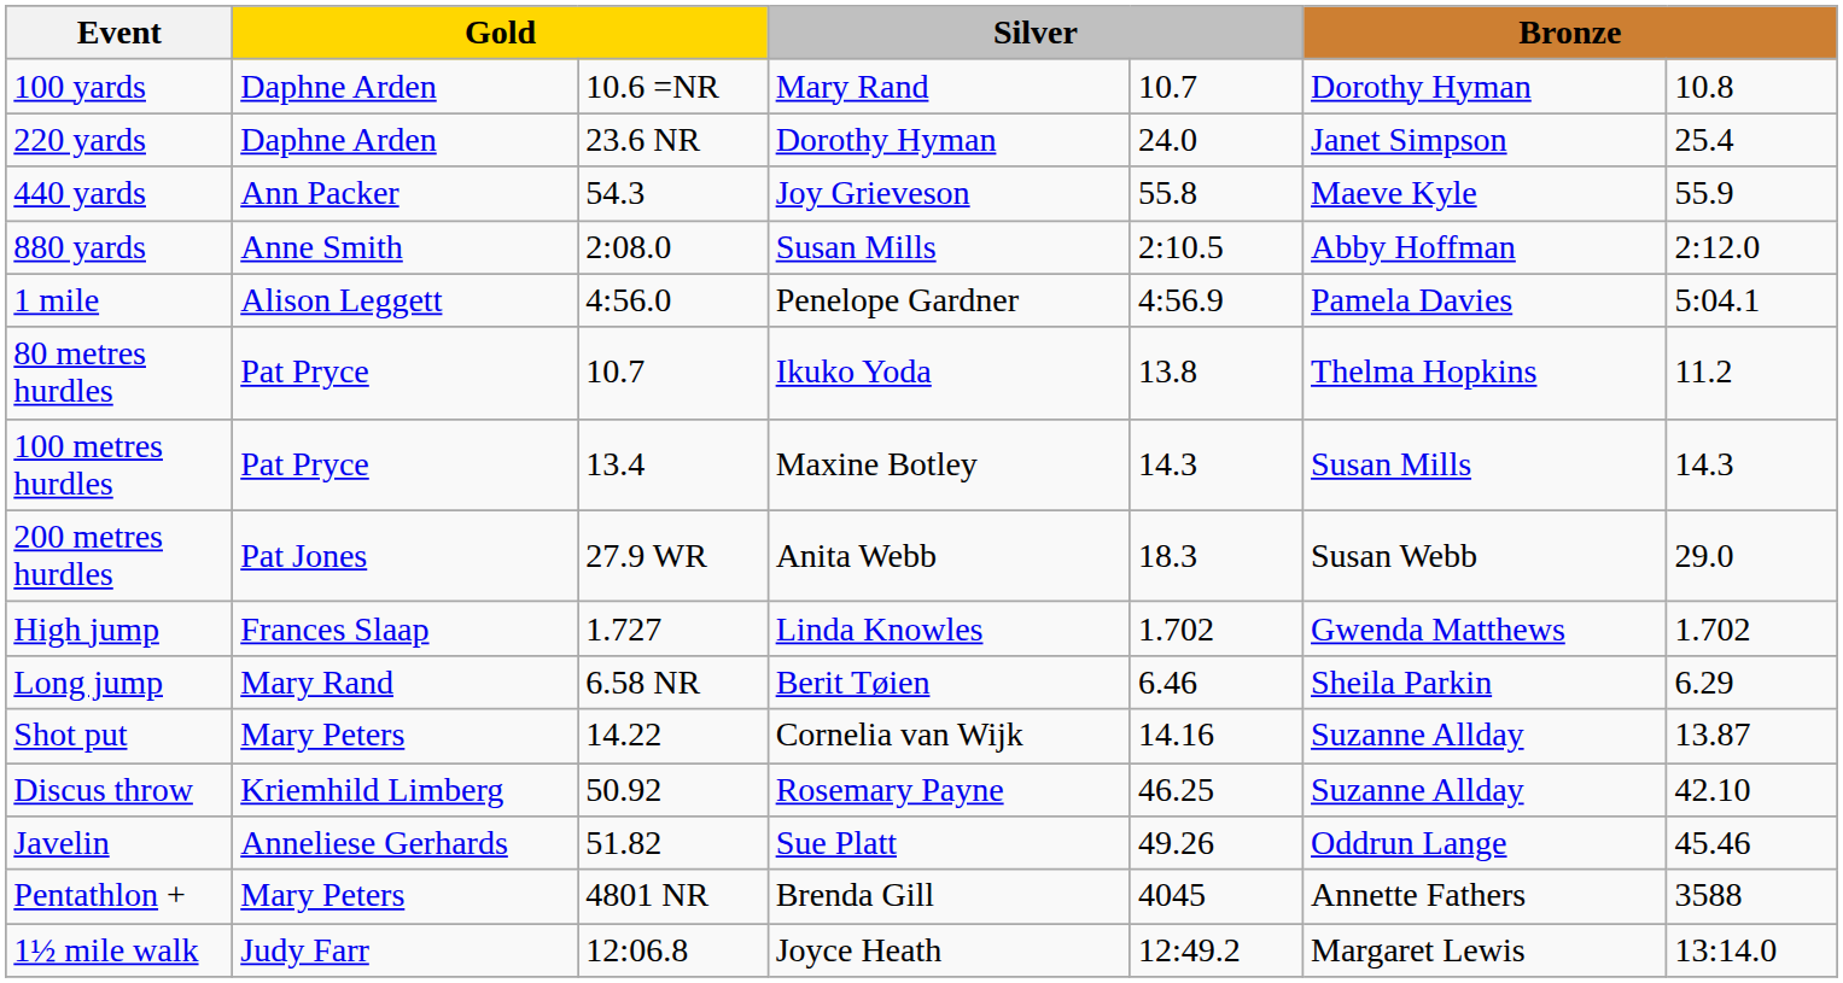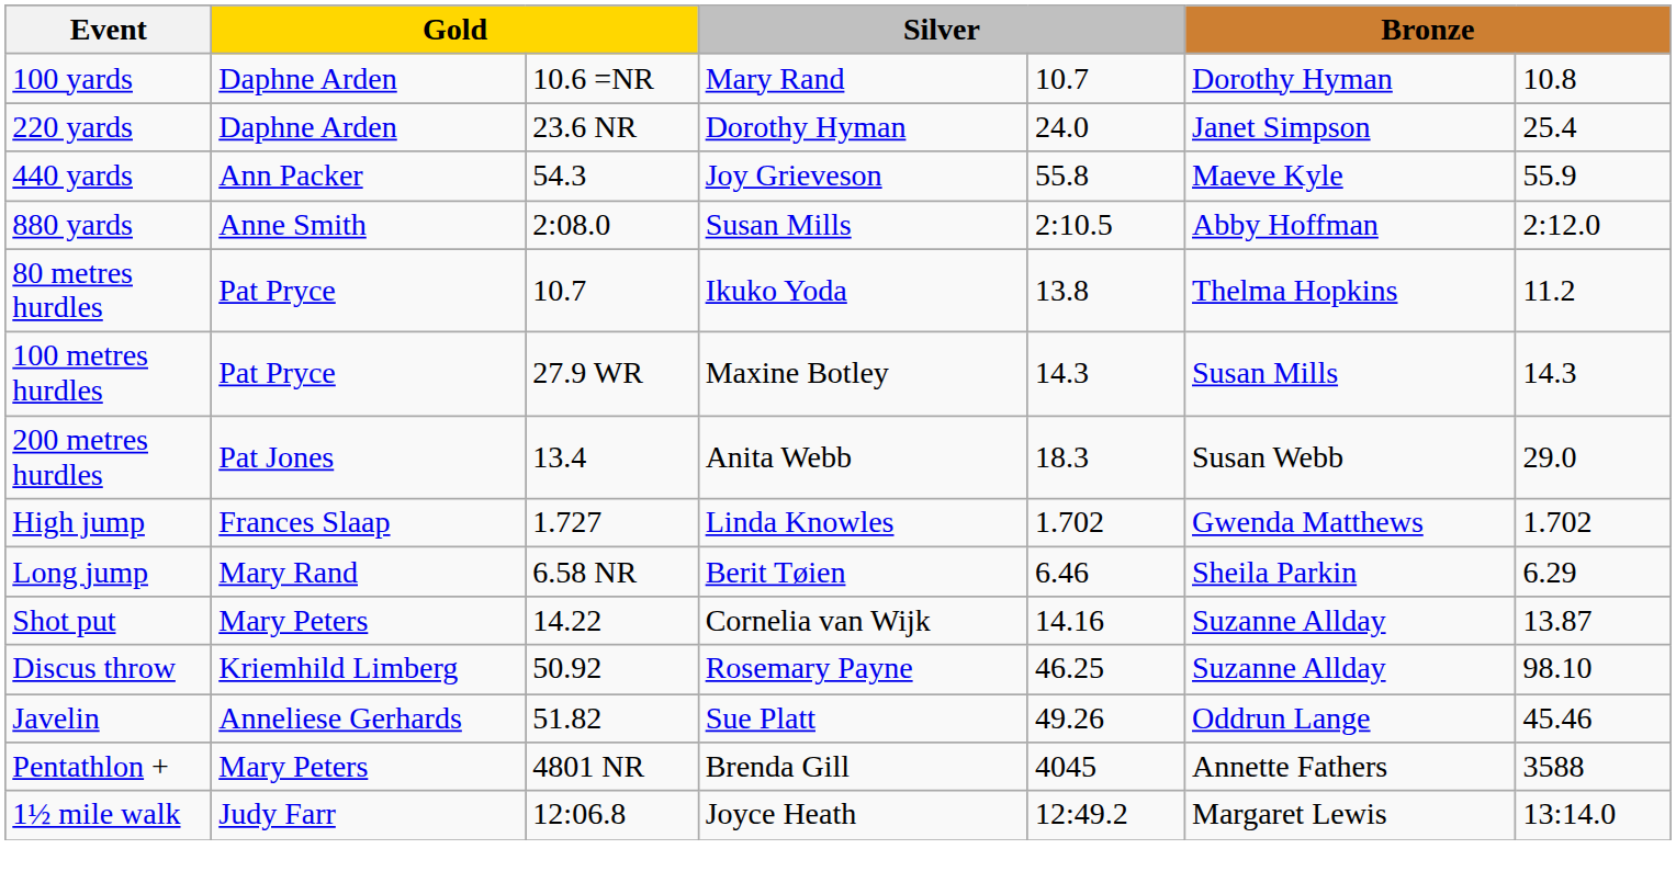 <table class="wikitable" style="text-align:left">
 <tr>
 <th width=100>Event</th>
 <th colspan="2" width="280" style="background:gold;">Gold</th>
 <th colspan="2" width="280" style="background:silver;">Silver</th>
 <th colspan="2" width="280" style="background:#CD7F32;">Bronze</th>
 </tr>
 <tr>
 <td><a href='#'>100 yards</a></td>
 <td><a href='#'>Daphne Arden</a></td>
 <td>10.6 =NR</td>
 <td><a href='#'>Mary Rand</a></td>
 <td>10.7</td>
 <td><a href='#'>Dorothy Hyman</a></td>
 <td>10.8</td>
 </tr>
 <tr>
 <td><a href='#'>220 yards</a></td>
 <td><a href='#'>Daphne Arden</a></td>
 <td>23.6 NR</td>
 <td><a href='#'>Dorothy Hyman</a></td>
 <td>24.0</td>
 <td><a href='#'>Janet Simpson</a></td>
 <td>25.4</td>
 </tr>
 <tr>
 <td><a href='#'>440 yards</a></td>
 <td><a href='#'>Ann Packer</a></td>
 <td>54.3</td>
 <td><a href='#'>Joy Grieveson</a></td>
 <td>55.8</td>
 <td> <a href='#'>Maeve Kyle</a></td>
 <td>55.9</td>
 </tr>
 <tr>
 <td><a href='#'>880 yards</a></td>
 <td><a href='#'>Anne Smith</a></td>
 <td>2:08.0</td>
 <td><a href='#'>Susan Mills</a></td>
 <td>2:10.5</td>
 <td> <a href='#'>Abby Hoffman</a></td>
 <td>2:12.0</td>
 </tr>
 <tr>
-<td><a href='#'>1 mile</a></td>
-<td><a href='#'>Alison Leggett</a></td>
-<td>4:56.0</td>
-<td>Penelope Gardner</td>
-<td>4:56.9</td>
-<td><a href='#'>Pamela Davies</a></td>
-<td>5:04.1</td>
-</tr>
-<tr>
 <td><a href='#'>80 metres hurdles</a></td>
 <td><a href='#'>Pat Pryce</a></td>
 <td>10.7</td>
 <td> <a href='#'>Ikuko Yoda</a></td>
 <td>13.8</td>
 <td><a href='#'>Thelma Hopkins</a></td>
 <td>11.2</td>
 </tr>
 <tr>
 <td><a href='#'>100 metres hurdles</a></td>
 <td><a href='#'>Pat Pryce</a></td>
-<td>13.4</td>
+<td>27.9 WR</td>
 <td>Maxine Botley</td>
 <td>14.3</td>
 <td><a href='#'>Susan Mills</a></td>
 <td>14.3</td>
 </tr>
 <tr>
 <td><a href='#'>200 metres hurdles</a></td>
 <td><a href='#'>Pat Jones</a></td>
-<td>27.9 WR</td>
+<td>13.4</td>
 <td>Anita Webb</td>
 <td>18.3</td>
 <td>Susan Webb</td>
 <td>29.0</td>
 </tr>
 <tr>
 <td><a href='#'>High jump</a></td>
 <td><a href='#'>Frances Slaap</a></td>
 <td>1.727</td>
 <td><a href='#'>Linda Knowles</a></td>
 <td>1.702</td>
 <td><a href='#'>Gwenda Matthews</a></td>
 <td>1.702</td>
 </tr>
 <tr>
 <td><a href='#'>Long jump</a></td>
 <td><a href='#'>Mary Rand</a></td>
 <td>6.58 NR</td>
 <td> <a href='#'>Berit Tøien</a></td>
 <td>6.46</td>
 <td><a href='#'>Sheila Parkin</a></td>
 <td>6.29</td>
 </tr>
 <tr>
 <td><a href='#'>Shot put</a></td>
 <td> <a href='#'>Mary Peters</a></td>
 <td>14.22</td>
 <td> Cornelia van Wijk</td>
 <td>14.16</td>
 <td><a href='#'>Suzanne Allday</a></td>
 <td>13.87</td>
 </tr>
 <tr>
 <td><a href='#'>Discus throw</a></td>
 <td> <a href='#'>Kriemhild Limberg</a></td>
 <td>50.92</td>
 <td> <a href='#'>Rosemary Payne</a></td>
 <td>46.25</td>
 <td><a href='#'>Suzanne Allday</a></td>
-<td>42.10</td>
+<td>98.10</td>
 </tr>
 <tr>
 <td><a href='#'>Javelin</a></td>
 <td> <a href='#'>Anneliese Gerhards</a></td>
 <td>51.82</td>
 <td><a href='#'>Sue Platt</a></td>
 <td>49.26</td>
 <td> <a href='#'>Oddrun Lange</a></td>
 <td>45.46</td>
 </tr>
 <tr>
 <td><a href='#'>Pentathlon</a> +</td>
 <td> <a href='#'>Mary Peters</a></td>
 <td>4801 NR</td>
 <td>Brenda Gill</td>
 <td>4045</td>
 <td>Annette Fathers</td>
 <td>3588</td>
 </tr>
 <tr>
 <td><a href='#'>1½ mile walk</a></td>
 <td><a href='#'>Judy Farr</a></td>
 <td>12:06.8</td>
 <td>Joyce Heath</td>
 <td>12:49.2</td>
 <td>Margaret Lewis</td>
 <td>13:14.0</td>
 </tr>
 </table>
